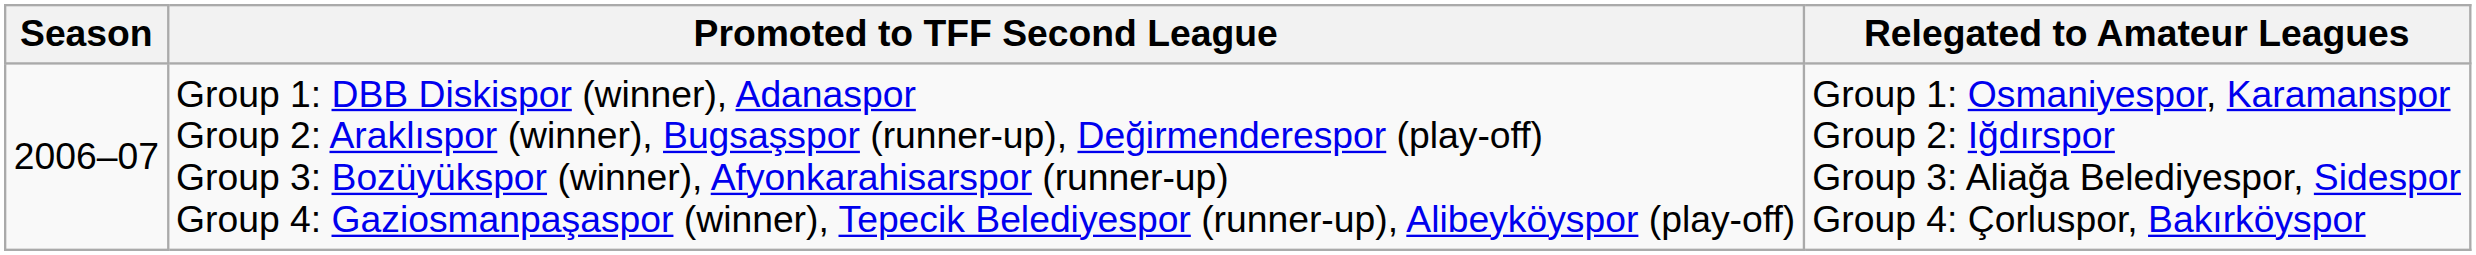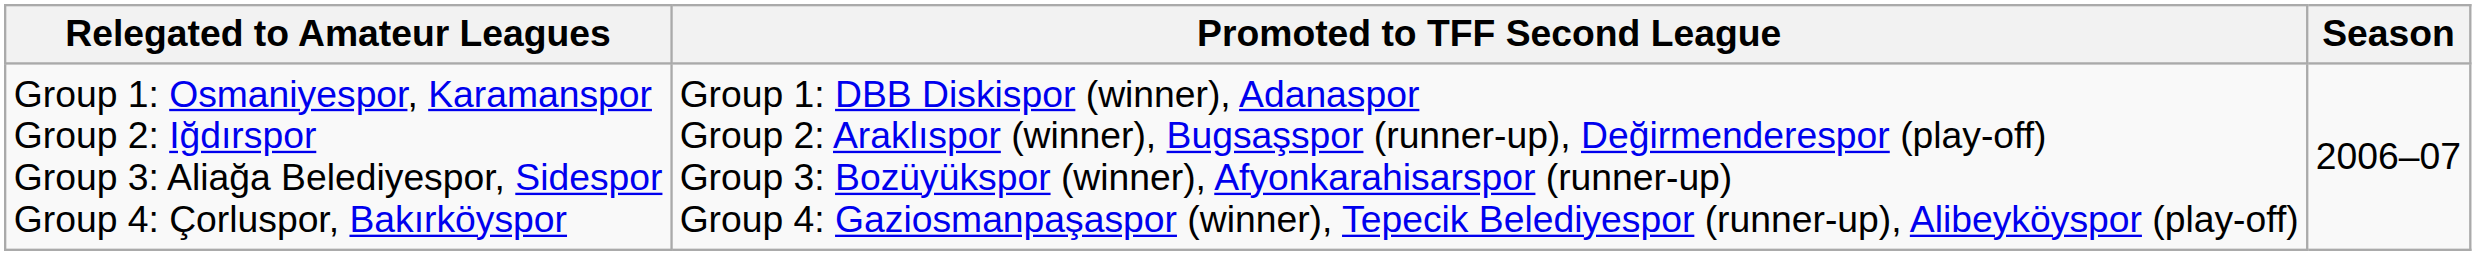 <table class="wikitable">
 <tr>
+<th>Relegated to Amateur Leagues</th>
+<th>Promoted to TFF Second League</th>
 <th>Season</th>
-<th>Promoted to TFF Second League</th>
-<th>Relegated to Amateur Leagues</th>
 </tr>
 <tr>
+<td>Group 1: <a href='#'>Osmaniyespor</a>, <a href='#'>Karamanspor</a><br>Group 2: <a href='#'>Iğdırspor</a><br>Group 3: Aliağa Belediyespor, <a href='#'>Sidespor</a><br>Group 4: Çorluspor, <a href='#'>Bakırköyspor</a></td>
+<td>Group 1: <a href='#'>DBB Diskispor</a> (winner), <a href='#'>Adanaspor</a><br>Group 2: <a href='#'>Araklıspor</a> (winner), <a href='#'>Bugsaşspor</a> (runner-up), <a href='#'>Değirmenderespor</a> (play-off)<br>Group 3: <a href='#'>Bozüyükspor</a> (winner), <a href='#'>Afyonkarahisarspor</a> (runner-up)<br>Group 4: <a href='#'>Gaziosmanpaşaspor</a> (winner), <a href='#'>Tepecik Belediyespor</a> (runner-up), <a href='#'>Alibeyköyspor</a> (play-off)</td>
 <td>2006–07</td>
-<td>Group 1: <a href='#'>DBB Diskispor</a> (winner), <a href='#'>Adanaspor</a><br>Group 2: <a href='#'>Araklıspor</a> (winner), <a href='#'>Bugsaşspor</a> (runner-up), <a href='#'>Değirmenderespor</a> (play-off)<br>Group 3: <a href='#'>Bozüyükspor</a> (winner), <a href='#'>Afyonkarahisarspor</a> (runner-up)<br>Group 4: <a href='#'>Gaziosmanpaşaspor</a> (winner), <a href='#'>Tepecik Belediyespor</a> (runner-up), <a href='#'>Alibeyköyspor</a> (play-off)</td>
-<td>Group 1: <a href='#'>Osmaniyespor</a>, <a href='#'>Karamanspor</a><br>Group 2: <a href='#'>Iğdırspor</a><br>Group 3: Aliağa Belediyespor, <a href='#'>Sidespor</a><br>Group 4: Çorluspor, <a href='#'>Bakırköyspor</a></td>
 </tr>
 </table>
